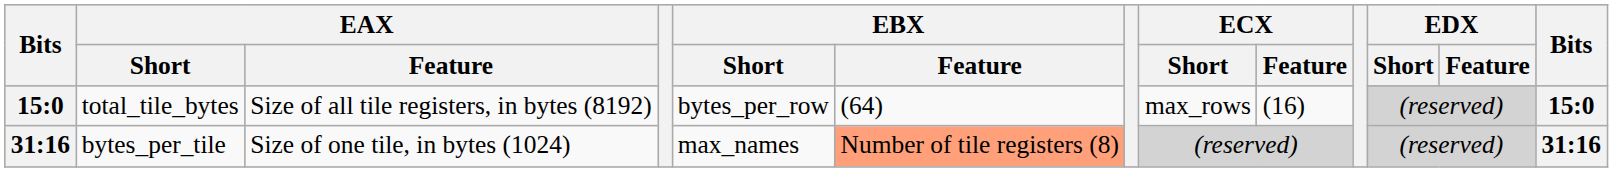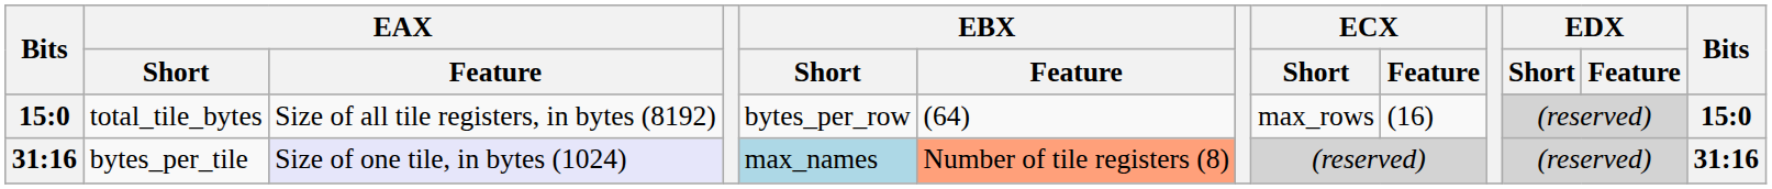 <table class="wikitable">
 <tr>
 <th rowspan="2">Bits</th>
 <th colspan="2">EAX</th>
 <th scope="col" style="width: 0.5em; border-spacing:0; padding:0px" rowspan="4"></th>
 <th colspan="2">EBX</th>
 <th scope="col" style="width: 0.5em; border-spacing:0; padding:0px" rowspan="4"></th>
 <th colspan="2">ECX</th>
 <th scope="col" style="width: 0.5em; border-spacing:0; padding:0px" rowspan="4"></th>
 <th colspan="2">EDX</th>
 <th rowspan="2">Bits</th>
 </tr>
 <tr>
 <th>Short</th>
 <th>Feature</th>
 <th>Short</th>
 <th>Feature</th>
 <th>Short</th>
 <th>Feature</th>
 <th>Short</th>
 <th>Feature</th>
 </tr>
 <tr>
 <th>15:0</th>
 <td>total_tile_bytes</td>
 <td>Size of all tile registers, in bytes (8192)</td>
 <td>bytes_per_row</td>
 <td>(64)</td>
 <td>max_rows</td>
 <td>(16)</td>
 <td colspan="2" style="text-align:center; background:lightgrey;"><em>(reserved)</em></td>
 <th>15:0</th>
 </tr>
 <tr>
 <th>31:16</th>
 <td>bytes_per_tile</td>
-<td>Size of one tile, in bytes (1024)</td>
-<td>max_names</td>
+<td style="background: lavender;">Size of one tile, in bytes (1024)</td>
+<td style="background: lightblue;">max_names</td>
 <td style="background: lightsalmon;">Number of tile registers (8)</td>
 <td colspan="2" style="text-align:center; background:lightgrey;"><em>(reserved)</em></td>
 <td colspan="2" style="text-align:center; background:lightgrey;"><em>(reserved)</em></td>
 <th>31:16</th>
 </tr>
 </table>
